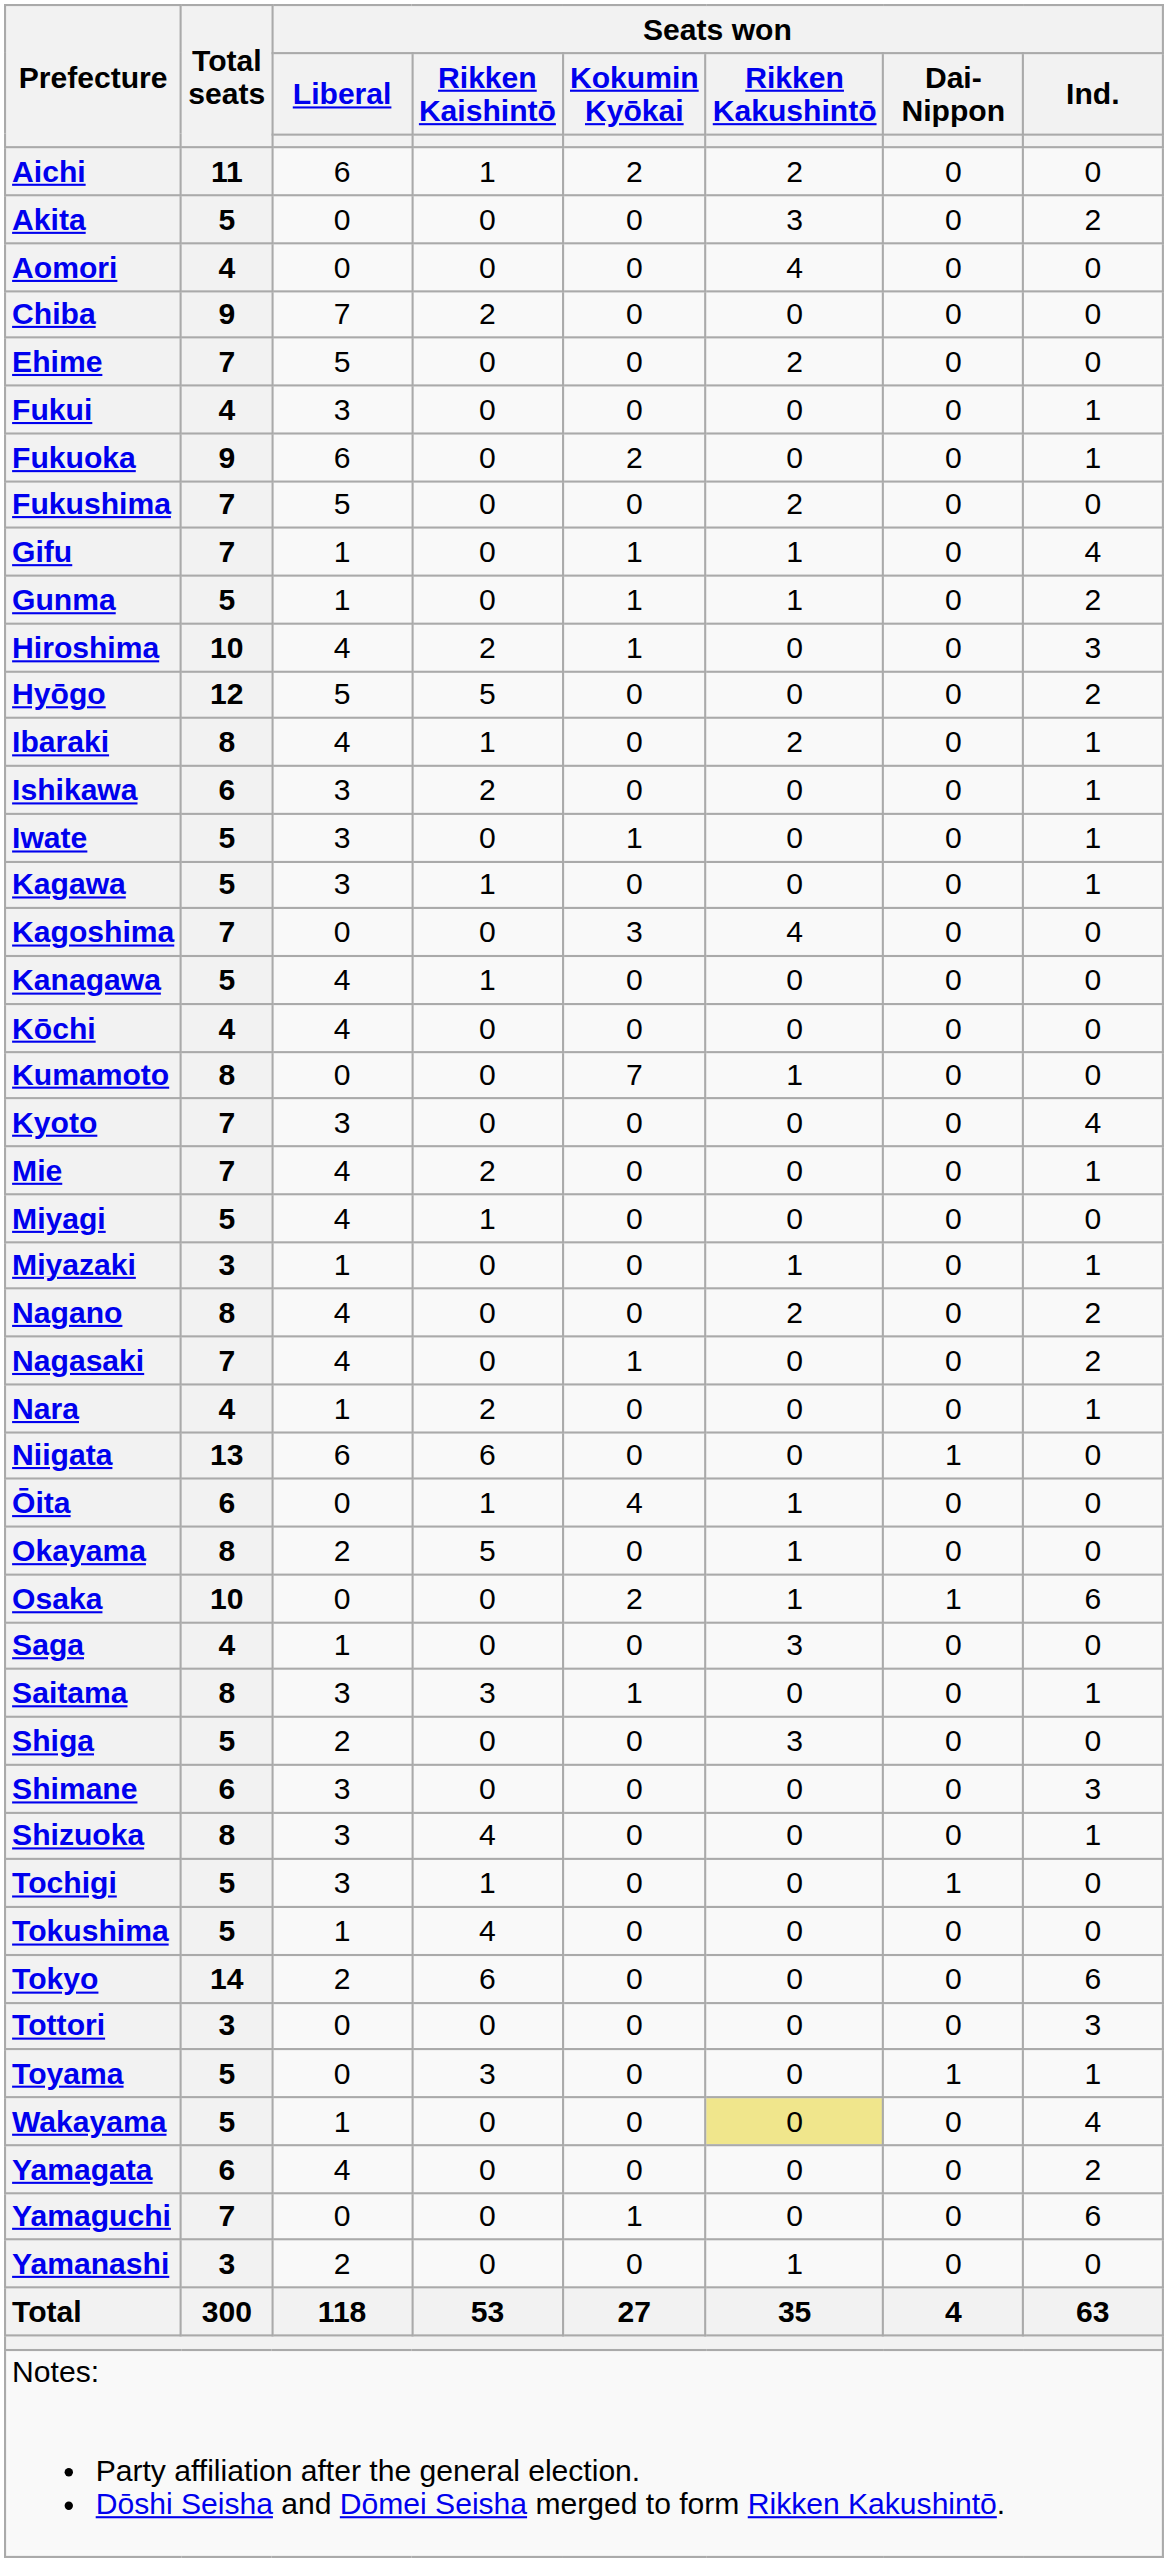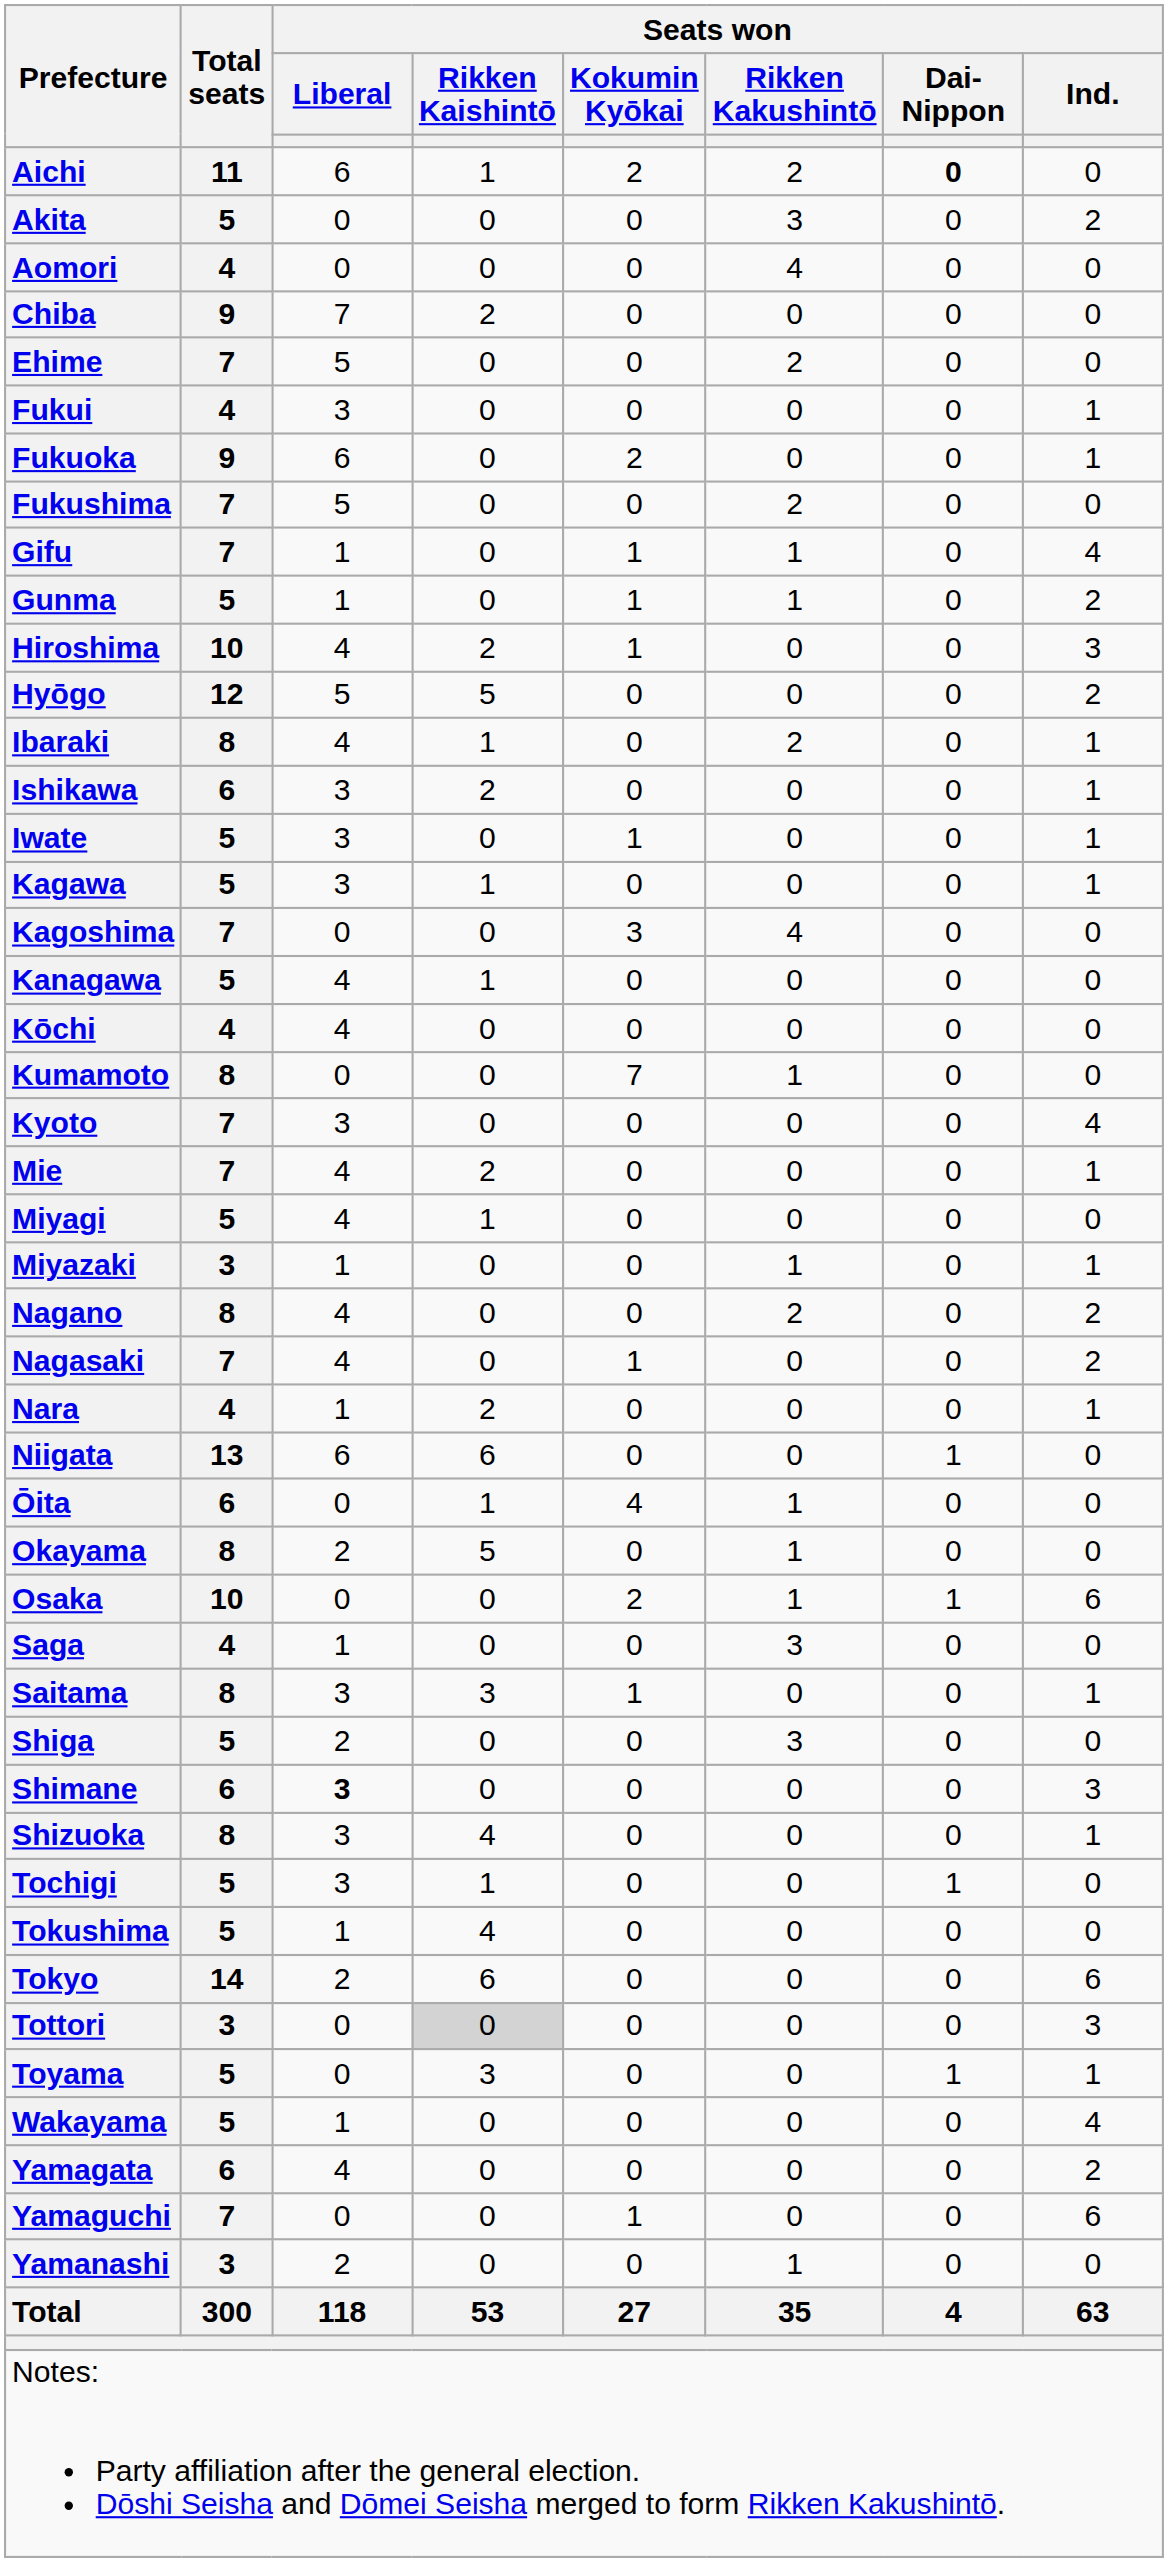 <table class="wikitable unsortable" style="text-align:center; font-size: 0.9em;">
 <tr>
 <th rowspan="3">Prefecture</th>
 <th rowspan="3">Total<br>seats</th>
 <th colspan="6">Seats won</th>
 </tr>
 <tr>
 <th class="unsortable" style="width:60px;"><a href='#'>Liberal</a></th>
 <th class="unsortable" style="width:60px;"><a href='#'>Rikken Kaishintō</a></th>
 <th class="unsortable" style="width:60px;"><a href='#'>Kokumin Kyōkai</a></th>
 <th class="unsortable" style="width:60px;"><a href='#'>Rikken Kakushintō</a></th>
 <th class="unsortable" style="width:60px;">Dai-Nippon</th>
 <th class="unsortable" style="width:60px;">Ind.</th>
 </tr>
 <tr>
 <th style="background:"></th>
 <th style="background:"></th>
 <th style="background:"></th>
 <th style="background:"></th>
 <th style="background:"></th>
 <th style="background:"></th>
 </tr>
 <tr>
 <th style="text-align: left;"><a href='#'>Aichi</a></th>
 <th>11</th>
 <td>6</td>
 <td>1</td>
 <td>2</td>
 <td>2</td>
-<td>0</td>
+<td><strong>0</strong></td>
 <td>0</td>
 </tr>
 <tr>
 <th style="text-align: left;"><a href='#'>Akita</a></th>
 <th>5</th>
 <td>0</td>
 <td>0</td>
 <td>0</td>
 <td>3</td>
 <td>0</td>
 <td>2</td>
 </tr>
 <tr>
 <th style="text-align: left;"><a href='#'>Aomori</a></th>
 <th>4</th>
 <td>0</td>
 <td>0</td>
 <td>0</td>
 <td>4</td>
 <td>0</td>
 <td>0</td>
 </tr>
 <tr>
 <th style="text-align: left;"><a href='#'>Chiba</a></th>
 <th>9</th>
 <td>7</td>
 <td>2</td>
 <td>0</td>
 <td>0</td>
 <td>0</td>
 <td>0</td>
 </tr>
 <tr>
 <th style="text-align: left;"><a href='#'>Ehime</a></th>
 <th>7</th>
 <td>5</td>
 <td>0</td>
 <td>0</td>
 <td>2</td>
 <td>0</td>
 <td>0</td>
 </tr>
 <tr>
 <th style="text-align: left;"><a href='#'>Fukui</a></th>
 <th>4</th>
 <td>3</td>
 <td>0</td>
 <td>0</td>
 <td>0</td>
 <td>0</td>
 <td>1</td>
 </tr>
 <tr>
 <th style="text-align: left;"><a href='#'>Fukuoka</a></th>
 <th>9</th>
 <td>6</td>
 <td>0</td>
 <td>2</td>
 <td>0</td>
 <td>0</td>
 <td>1</td>
 </tr>
 <tr>
 <th style="text-align: left;"><a href='#'>Fukushima</a></th>
 <th>7</th>
 <td>5</td>
 <td>0</td>
 <td>0</td>
 <td>2</td>
 <td>0</td>
 <td>0</td>
 </tr>
 <tr>
 <th style="text-align: left;"><a href='#'>Gifu</a></th>
 <th>7</th>
 <td>1</td>
 <td>0</td>
 <td>1</td>
 <td>1</td>
 <td>0</td>
 <td>4</td>
 </tr>
 <tr>
 <th style="text-align: left;"><a href='#'>Gunma</a></th>
 <th>5</th>
 <td>1</td>
 <td>0</td>
 <td>1</td>
 <td>1</td>
 <td>0</td>
 <td>2</td>
 </tr>
 <tr>
 <th style="text-align: left;"><a href='#'>Hiroshima</a></th>
 <th>10</th>
 <td>4</td>
 <td>2</td>
 <td>1</td>
 <td>0</td>
 <td>0</td>
 <td>3</td>
 </tr>
 <tr>
 <th style="text-align: left;"><a href='#'>Hyōgo</a></th>
 <th>12</th>
 <td>5</td>
 <td>5</td>
 <td>0</td>
 <td>0</td>
 <td>0</td>
 <td>2</td>
 </tr>
 <tr>
 <th style="text-align: left;"><a href='#'>Ibaraki</a></th>
 <th>8</th>
 <td>4</td>
 <td>1</td>
 <td>0</td>
 <td>2</td>
 <td>0</td>
 <td>1</td>
 </tr>
 <tr>
 <th style="text-align: left;"><a href='#'>Ishikawa</a></th>
 <th>6</th>
 <td>3</td>
 <td>2</td>
 <td>0</td>
 <td>0</td>
 <td>0</td>
 <td>1</td>
 </tr>
 <tr>
 <th style="text-align: left;"><a href='#'>Iwate</a></th>
 <th>5</th>
 <td>3</td>
 <td>0</td>
 <td>1</td>
 <td>0</td>
 <td>0</td>
 <td>1</td>
 </tr>
 <tr>
 <th style="text-align: left;"><a href='#'>Kagawa</a></th>
 <th>5</th>
 <td>3</td>
 <td>1</td>
 <td>0</td>
 <td>0</td>
 <td>0</td>
 <td>1</td>
 </tr>
 <tr>
 <th style="text-align: left;"><a href='#'>Kagoshima</a></th>
 <th>7</th>
 <td>0</td>
 <td>0</td>
 <td>3</td>
 <td>4</td>
 <td>0</td>
 <td>0</td>
 </tr>
 <tr>
 <th style="text-align: left;"><a href='#'>Kanagawa</a></th>
 <th>5</th>
 <td>4</td>
 <td>1</td>
 <td>0</td>
 <td>0</td>
 <td>0</td>
 <td>0</td>
 </tr>
 <tr>
 <th style="text-align: left;"><a href='#'>Kōchi</a></th>
 <th>4</th>
 <td>4</td>
 <td>0</td>
 <td>0</td>
 <td>0</td>
 <td>0</td>
 <td>0</td>
 </tr>
 <tr>
 <th style="text-align: left;"><a href='#'>Kumamoto</a></th>
 <th>8</th>
 <td>0</td>
 <td>0</td>
 <td>7</td>
 <td>1</td>
 <td>0</td>
 <td>0</td>
 </tr>
 <tr>
 <th style="text-align: left;"><a href='#'>Kyoto</a></th>
 <th>7</th>
 <td>3</td>
 <td>0</td>
 <td>0</td>
 <td>0</td>
 <td>0</td>
 <td>4</td>
 </tr>
 <tr>
 <th style="text-align: left;"><a href='#'>Mie</a></th>
 <th>7</th>
 <td>4</td>
 <td>2</td>
 <td>0</td>
 <td>0</td>
 <td>0</td>
 <td>1</td>
 </tr>
 <tr>
 <th style="text-align: left;"><a href='#'>Miyagi</a></th>
 <th>5</th>
 <td>4</td>
 <td>1</td>
 <td>0</td>
 <td>0</td>
 <td>0</td>
 <td>0</td>
 </tr>
 <tr>
 <th style="text-align: left;"><a href='#'>Miyazaki</a></th>
 <th>3</th>
 <td>1</td>
 <td>0</td>
 <td>0</td>
 <td>1</td>
 <td>0</td>
 <td>1</td>
 </tr>
 <tr>
 <th style="text-align: left;"><a href='#'>Nagano</a></th>
 <th>8</th>
 <td>4</td>
 <td>0</td>
 <td>0</td>
 <td>2</td>
 <td>0</td>
 <td>2</td>
 </tr>
 <tr>
 <th style="text-align: left;"><a href='#'>Nagasaki</a></th>
 <th>7</th>
 <td>4</td>
 <td>0</td>
 <td>1</td>
 <td>0</td>
 <td>0</td>
 <td>2</td>
 </tr>
 <tr>
 <th style="text-align: left;"><a href='#'>Nara</a></th>
 <th>4</th>
 <td>1</td>
 <td>2</td>
 <td>0</td>
 <td>0</td>
 <td>0</td>
 <td>1</td>
 </tr>
 <tr>
 <th style="text-align: left;"><a href='#'>Niigata</a></th>
 <th>13</th>
 <td>6</td>
 <td>6</td>
 <td>0</td>
 <td>0</td>
 <td>1</td>
 <td>0</td>
 </tr>
 <tr>
 <th style="text-align: left;"><a href='#'>Ōita</a></th>
 <th>6</th>
 <td>0</td>
 <td>1</td>
 <td>4</td>
 <td>1</td>
 <td>0</td>
 <td>0</td>
 </tr>
 <tr>
 <th style="text-align: left;"><a href='#'>Okayama</a></th>
 <th>8</th>
 <td>2</td>
 <td>5</td>
 <td>0</td>
 <td>1</td>
 <td>0</td>
 <td>0</td>
 </tr>
 <tr>
 <th style="text-align: left;"><a href='#'>Osaka</a></th>
 <th>10</th>
 <td>0</td>
 <td>0</td>
 <td>2</td>
 <td>1</td>
 <td>1</td>
 <td>6</td>
 </tr>
 <tr>
 <th style="text-align: left;"><a href='#'>Saga</a></th>
 <th>4</th>
 <td>1</td>
 <td>0</td>
 <td>0</td>
 <td>3</td>
 <td>0</td>
 <td>0</td>
 </tr>
 <tr>
 <th style="text-align: left;"><a href='#'>Saitama</a></th>
 <th>8</th>
 <td>3</td>
 <td>3</td>
 <td>1</td>
 <td>0</td>
 <td>0</td>
 <td>1</td>
 </tr>
 <tr>
 <th style="text-align: left;"><a href='#'>Shiga</a></th>
 <th>5</th>
 <td>2</td>
 <td>0</td>
 <td>0</td>
 <td>3</td>
 <td>0</td>
 <td>0</td>
 </tr>
 <tr>
 <th style="text-align: left;"><a href='#'>Shimane</a></th>
 <th>6</th>
-<td>3</td>
+<td><strong>3</strong></td>
 <td>0</td>
 <td>0</td>
 <td>0</td>
 <td>0</td>
 <td>3</td>
 </tr>
 <tr>
 <th style="text-align: left;"><a href='#'>Shizuoka</a></th>
 <th>8</th>
 <td>3</td>
 <td>4</td>
 <td>0</td>
 <td>0</td>
 <td>0</td>
 <td>1</td>
 </tr>
 <tr>
 <th style="text-align: left;"><a href='#'>Tochigi</a></th>
 <th>5</th>
 <td>3</td>
 <td>1</td>
 <td>0</td>
 <td>0</td>
 <td>1</td>
 <td>0</td>
 </tr>
 <tr>
 <th style="text-align: left;"><a href='#'>Tokushima</a></th>
 <th>5</th>
 <td>1</td>
 <td>4</td>
 <td>0</td>
 <td>0</td>
 <td>0</td>
 <td>0</td>
 </tr>
 <tr>
 <th style="text-align: left;"><a href='#'>Tokyo</a></th>
 <th>14</th>
 <td>2</td>
 <td>6</td>
 <td>0</td>
 <td>0</td>
 <td>0</td>
 <td>6</td>
 </tr>
 <tr>
 <th style="text-align: left;"><a href='#'>Tottori</a></th>
 <th>3</th>
 <td>0</td>
-<td>0</td>
+<td style="background: lightgrey;">0</td>
 <td>0</td>
 <td>0</td>
 <td>0</td>
 <td>3</td>
 </tr>
 <tr>
 <th style="text-align: left;"><a href='#'>Toyama</a></th>
 <th>5</th>
 <td>0</td>
 <td>3</td>
 <td>0</td>
 <td>0</td>
 <td>1</td>
 <td>1</td>
 </tr>
 <tr>
 <th style="text-align: left;"><a href='#'>Wakayama</a></th>
 <th>5</th>
 <td>1</td>
 <td>0</td>
 <td>0</td>
-<td style="background: khaki;">0</td>
+<td>0</td>
 <td>0</td>
 <td>4</td>
 </tr>
 <tr>
 <th style="text-align: left;"><a href='#'>Yamagata</a></th>
 <th>6</th>
 <td>4</td>
 <td>0</td>
 <td>0</td>
 <td>0</td>
 <td>0</td>
 <td>2</td>
 </tr>
 <tr>
 <th style="text-align: left;"><a href='#'>Yamaguchi</a></th>
 <th>7</th>
 <td>0</td>
 <td>0</td>
 <td>1</td>
 <td>0</td>
 <td>0</td>
 <td>6</td>
 </tr>
 <tr>
 <th style="text-align: left;"><a href='#'>Yamanashi</a></th>
 <th>3</th>
 <td>2</td>
 <td>0</td>
 <td>0</td>
 <td>1</td>
 <td>0</td>
 <td>0</td>
 </tr>
 <tr class="sortbottom">
 <th style="text-align: left;">Total</th>
 <th>300</th>
 <th>118</th>
 <th>53</th>
 <th>27</th>
 <th>35</th>
 <th>4</th>
 <th>63</th>
 </tr>
 <tr>
 <th colspan="8"></th>
 </tr>
 <tr>
 <td colspan="8" style="text-align: left;">Notes:<br><br><ul><li>Party affiliation after the general election.</li><li><a href='#'>Dōshi Seisha</a> and <a href='#'>Dōmei Seisha</a> merged to form <a href='#'>Rikken Kakushintō</a>.</li></ul></td>
 </tr>
 </table>
